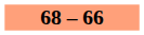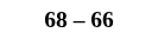 <table style="text-align:center">
 <tr>
 <th width=200></th>
 <th width=100></th>
 <th width=200></th>
 </tr>
 <tr>
 <td align=right><strong></strong></td>
-<td style="background: lightsalmon;"><strong>68 – 66</strong></td>
+<td><strong>68 – 66</strong></td>
 <td align=left></td>
 </tr>
 </table>
